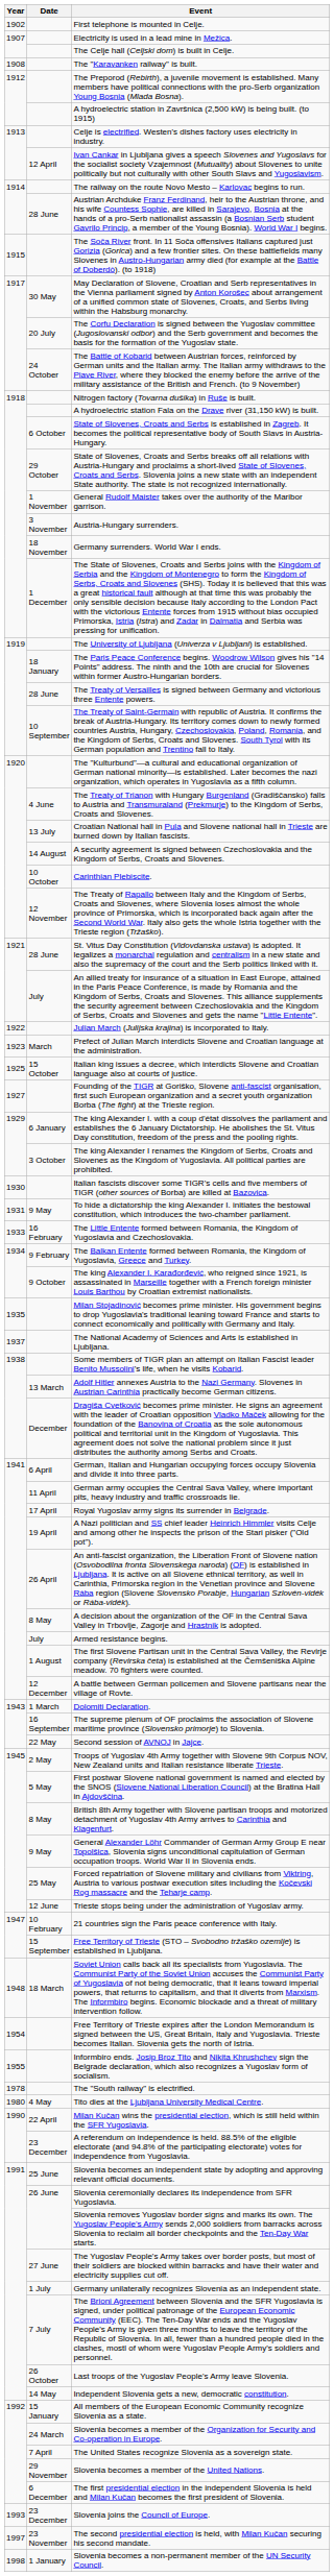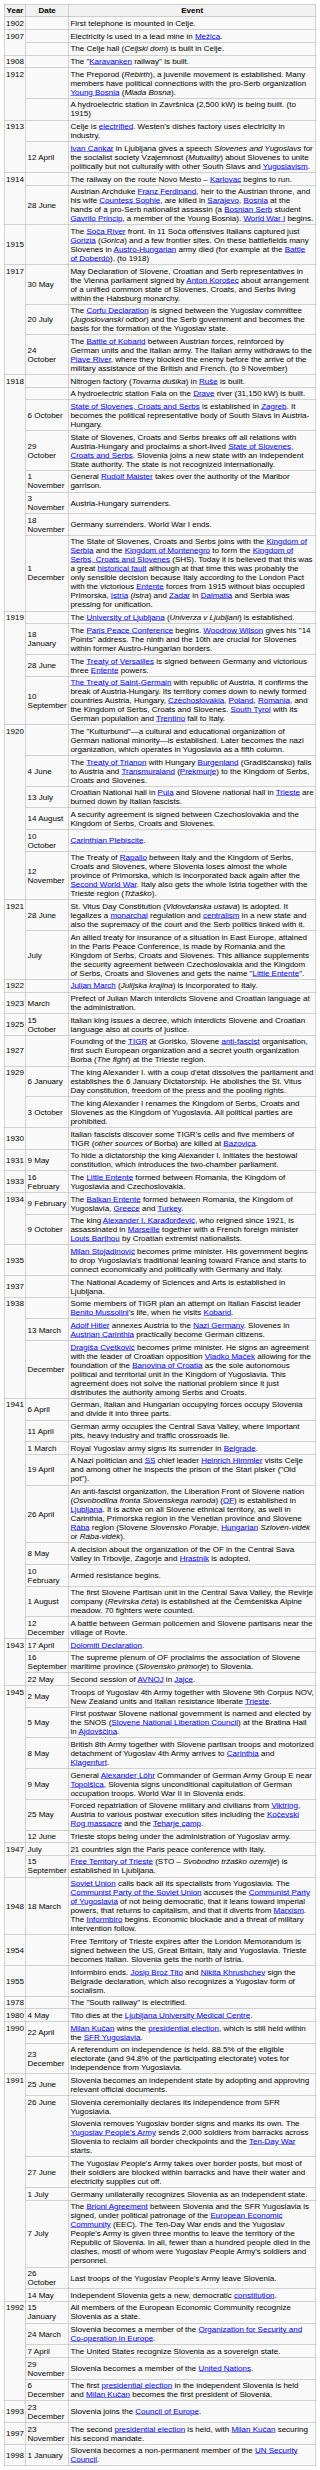 <table class="wikitable" width="100%">
 <tr>
 <th style="width:6%">Year</th>
 <th style="width:10%">Date</th>
 <th>Event</th>
 </tr>
 <tr>
 <td>1902</td>
 <td></td>
 <td>First telephone is mounted in Celje.</td>
 </tr>
 <tr>
 <td rowspan="2" valign="top">1907</td>
 <td></td>
 <td>Electricity is used in a lead mine in <a href='#'>Mežica</a>.</td>
 </tr>
 <tr>
 <td></td>
 <td>The Celje hall (<em>Celjski dom</em>) is built in Celje.</td>
 </tr>
 <tr>
 <td>1908</td>
 <td></td>
 <td>The "<a href='#'>Karavanken</a> railway" is built.</td>
 </tr>
 <tr>
 <td rowspan="2" valign="top">1912</td>
 <td></td>
 <td>The Preporod (<em>Rebirth</em>), a juvenile movement is established. Many members have political connections with the pro-Serb organization <a href='#'>Young Bosnia</a> (<em>Mlada Bosna</em>).</td>
 </tr>
 <tr>
 <td></td>
 <td>A hydroelectric station in Završnica (2,500 kW) is being built. (to 1915)</td>
 </tr>
 <tr>
 <td rowspan="2" valign="top">1913</td>
 <td></td>
 <td>Celje is <a href='#'>electrified</a>. Westen's dishes factory uses electricity in industry.</td>
 </tr>
 <tr>
 <td>12 April</td>
 <td><a href='#'>Ivan Cankar</a> in Ljubljana gives a speech <em>Slovenes and Yugoslavs</em> for the socialist society Vzajemnost (<em>Mutuality</em>) about Slovenes to unite politically but not culturally with other South Slavs and <a href='#'>Yugoslavism</a>.</td>
 </tr>
 <tr>
 <td rowspan="2" valign="top">1914</td>
 <td></td>
 <td>The railway on the route Novo Mesto – <a href='#'>Karlovac</a> begins to run.</td>
 </tr>
 <tr>
 <td>28 June</td>
 <td>Austrian Archduke <a href='#'>Franz Ferdinand</a>, heir to the Austrian throne, and his wife <a href='#'>Countess Sophie</a>, are killed in <a href='#'>Sarajevo</a>, <a href='#'>Bosnia</a> at the hands of a pro-Serb nationalist assassin (a <a href='#'>Bosnian Serb</a> student <a href='#'>Gavrilo Princip</a>, a member of the Young Bosnia). <a href='#'>World War I</a> begins.</td>
 </tr>
 <tr>
 <td>1915</td>
 <td></td>
 <td>The <a href='#'>Soča River</a> front. In 11 Soča offensives Italians captured just <a href='#'>Gorizia</a> (<em>Gorica</em>) and a few frontier sites. On these battlefields many Slovenes in <a href='#'>Austro-Hungarian</a> army died (for example at the <a href='#'>Battle of Doberdò</a>). (to 1918)</td>
 </tr>
 <tr>
 <td rowspan="3" valign="top">1917</td>
 <td>30 May</td>
 <td>May Declaration of Slovene, Croatian and Serb representatives in the Vienna parliament signed by <a href='#'>Anton Korošec</a> about arrangement of a unified common state of Slovenes, Croats, and Serbs living within the Habsburg monarchy.</td>
 </tr>
 <tr>
 <td>20 July</td>
 <td>The <a href='#'>Corfu Declaration</a> is signed between the Yugoslav committee (<em>Jugoslovanski odbor</em>) and the Serb government and becomes the basis for the formation of the Yugoslav state.</td>
 </tr>
 <tr>
 <td>24 October</td>
 <td>The <a href='#'>Battle of Kobarid</a> between Austrian forces, reinforced by German units and the Italian army. The Italian army withdraws to the <a href='#'>Piave River</a>, where they blocked the enemy before the arrive of the military assistance of the British and French. (to 9 November)</td>
 </tr>
 <tr>
 <td rowspan="8" valign="top">1918</td>
 <td></td>
 <td>Nitrogen factory (<em>Tovarna dušika</em>) in <a href='#'>Ruše</a> is built.</td>
 </tr>
 <tr>
 <td></td>
 <td>A hydroelectric station Fala on the <a href='#'>Drave</a> river (31,150 kW) is built.</td>
 </tr>
 <tr>
 <td>6 October</td>
 <td><a href='#'>State of Slovenes, Croats and Serbs</a> is established in <a href='#'>Zagreb</a>. It becomes the political representative body of South Slavs in Austria-Hungary.</td>
 </tr>
 <tr>
 <td>29 October</td>
 <td>State of Slovenes, Croats and Serbs breaks off all relations with Austria-Hungary and proclaims a short-lived <a href='#'>State of Slovenes, Croats and Serbs</a>. Slovenia joins a new state with an independent State authority. The state is not recognized internationally.</td>
 </tr>
 <tr>
 <td>1 November</td>
 <td>General <a href='#'>Rudolf Maister</a> takes over the authority of the Maribor garrison.</td>
 </tr>
 <tr>
 <td>3 November</td>
 <td>Austria-Hungary surrenders.</td>
 </tr>
 <tr>
 <td>18 November</td>
 <td>Germany surrenders. World War I ends.</td>
 </tr>
 <tr>
 <td>1 December</td>
 <td>The State of Slovenes, Croats and Serbs joins with the <a href='#'>Kingdom of Serbia</a> and the <a href='#'>Kingdom of Montenegro</a> to form the <a href='#'>Kingdom of Serbs, Croats and Slovenes</a> (SHS). Today it is believed that this was a great <a href='#'>historical fault</a> although at that time this was probably the only sensible decision because Italy according to the London Pact with the victorious <a href='#'>Entente</a> forces from 1915 without bias occupied Primorska, <a href='#'>Istria</a> (<em>Istra</em>) and <a href='#'>Zadar</a> in <a href='#'>Dalmatia</a> and Serbia was pressing for unification.</td>
 </tr>
 <tr>
 <td rowspan="4" valign="top">1919</td>
 <td></td>
 <td>The <a href='#'>University of Ljubljana</a> (<em>Univerza v Ljubljani</em>) is established.</td>
 </tr>
 <tr>
 <td>18 January</td>
 <td>The <a href='#'>Paris Peace Conference</a> begins. <a href='#'>Woodrow Wilson</a> gives his "14 Points" address. The ninth and the 10th are crucial for Slovenes within former Austro-Hungarian borders.</td>
 </tr>
 <tr>
 <td>28 June</td>
 <td>The <a href='#'>Treaty of Versailles</a> is signed between Germany and victorious three <a href='#'>Entente</a> powers.</td>
 </tr>
 <tr>
 <td>10 September</td>
 <td><a href='#'>The Treaty of Saint-Germain</a> with republic of Austria. It confirms the break of Austria-Hungary. Its territory comes down to newly formed countries Austria, Hungary, <a href='#'>Czechoslovakia</a>, <a href='#'>Poland</a>, <a href='#'>Romania</a>, and the Kingdom of Serbs, Croats and Slovenes. <a href='#'>South Tyrol</a> with its German population and <a href='#'>Trentino</a> fall to Italy.</td>
 </tr>
 <tr>
 <td rowspan="6" valign="top">1920</td>
 <td></td>
 <td>The "Kulturbund"—a cultural and educational organization of German national minority—is established. Later becomes the nazi organization, which operates in Yugoslavia as a fifth column.</td>
 </tr>
 <tr>
 <td>4 June</td>
 <td>The <a href='#'>Treaty of Trianon</a> with Hungary <a href='#'>Burgenland</a> (Gradiščansko) falls to Austria and <a href='#'>Transmuraland</a> (<a href='#'>Prekmurje</a>) to the Kingdom of Serbs, Croats and Slovenes.</td>
 </tr>
 <tr>
 <td>13 July</td>
 <td>Croatian National hall in <a href='#'>Pula</a> and Slovene national hall in <a href='#'>Trieste</a> are burned down by Italian fascists.</td>
 </tr>
 <tr>
 <td>14 August</td>
 <td>A security agreement is signed between Czechoslovakia and the Kingdom of Serbs, Croats and Slovenes.</td>
 </tr>
 <tr>
 <td>10 October</td>
 <td><a href='#'>Carinthian Plebiscite</a>.</td>
 </tr>
 <tr>
 <td>12 November</td>
 <td>The Treaty of <a href='#'>Rapallo</a> between Italy and the Kingdom of Serbs, Croats and Slovenes, where Slovenia loses almost the whole province of Primorska, which is incorporated back again after the <a href='#'>Second World War</a>. Italy also gets the whole Istria together with the Trieste region (<em>Tržaško</em>).</td>
 </tr>
 <tr>
 <td rowspan="2" valign="top">1921</td>
 <td>28 June</td>
 <td>St. Vitus Day Constitution (<em>Vidovdanska ustava</em>) is adopted. It legalizes a <a href='#'>monarchal</a> regulation and <a href='#'>centralism</a> in a new state and also the supremacy of the court and the Serb politics linked with it.</td>
 </tr>
 <tr>
 <td>July</td>
 <td>An allied treaty for insurance of a situation in East Europe, attained in the Paris Peace Conference, is made by Romania and the Kingdom of Serbs, Croats and Slovenes. This alliance supplements the security agreement between Czechoslovakia and the Kingdom of Serbs, Croats and Slovenes and gets the name "<a href='#'>Little Entente</a>".</td>
 </tr>
 <tr>
 <td>1922</td>
 <td></td>
 <td><a href='#'>Julian March</a> (<em>Julijska krajina</em>) is incorporated to Italy.</td>
 </tr>
 <tr>
 <td>1923</td>
 <td>March</td>
 <td>Prefect of Julian March interdicts Slovene and Croatian language at the administration.</td>
 </tr>
 <tr>
 <td>1925</td>
 <td>15 October</td>
 <td>Italian king issues a decree, which interdicts Slovene and Croatian language also at courts of justice.</td>
 </tr>
 <tr>
 <td>1927</td>
 <td></td>
 <td>Founding of the <a href='#'>TIGR</a> at Goriško, Slovene <a href='#'>anti-fascist</a> organisation, first such European organization and a secret youth organization Borba (<em>The fight</em>) at the Trieste region.</td>
 </tr>
 <tr>
 <td rowspan="2" valign="top">1929</td>
 <td>6 January</td>
 <td>The king Alexander I. with a coup d'état dissolves the parliament and establishes the 6 January Dictatorship. He abolishes the St. Vitus Day constitution, freedom of the press and the pooling rights.</td>
 </tr>
 <tr>
 <td>3 October</td>
 <td>The king Alexander I renames the Kingdom of Serbs, Croats and Slovenes as the Kingdom of Yugoslavia. All political parties are prohibited.</td>
 </tr>
 <tr>
 <td>1930</td>
 <td></td>
 <td>Italian fascists discover some TIGR's cells and five members of TIGR (<em>other sources of</em> Borba) are killed at <a href='#'>Bazovica</a>.</td>
 </tr>
 <tr>
 <td>1931</td>
 <td>9 May</td>
 <td>To hide a dictatorship the king Alexander I. initiates the bestowal constitution, which introduces the two-chamber parliament.</td>
 </tr>
 <tr>
 <td>1933</td>
 <td>16 February</td>
 <td>The <a href='#'>Little Entente</a> formed between Romania, the Kingdom of Yugoslavia and Czechoslovakia.</td>
 </tr>
 <tr>
 <td rowspan="2" valign="top">1934</td>
 <td>9 February</td>
 <td>The <a href='#'>Balkan Entente</a> formed between Romania, the Kingdom of Yugoslavia, <a href='#'>Greece</a> and <a href='#'>Turkey</a>.</td>
 </tr>
 <tr>
 <td>9 October</td>
 <td>The king <a href='#'>Alexander I. Karađorđević</a>, who reigned since 1921, is assassinated in <a href='#'>Marseille</a> together with a French foreign minister <a href='#'>Louis Barthou</a> by Croatian extremist nationalists.</td>
 </tr>
 <tr>
 <td>1935</td>
 <td></td>
 <td><a href='#'>Milan Stojadinović</a> becomes prime minister. His government begins to drop Yugoslavia's traditional leaning toward France and starts to connect economically and politically with Germany and Italy.</td>
 </tr>
 <tr>
 <td>1937</td>
 <td></td>
 <td>The National Academy of Sciences and Arts is established in Ljubljana.</td>
 </tr>
 <tr>
 <td rowspan="3" valign="top">1938</td>
 <td></td>
 <td>Some members of TIGR plan an attempt on Italian Fascist leader <a href='#'>Benito Mussolini</a>'s life, when he visits <a href='#'>Kobarid</a>.</td>
 </tr>
 <tr>
 <td>13 March</td>
 <td><a href='#'>Adolf Hitler</a> annexes Austria to the <a href='#'>Nazi Germany</a>. Slovenes in <a href='#'>Austrian Carinthia</a> practically become German citizens.</td>
 </tr>
 <tr>
 <td>December</td>
 <td><a href='#'>Dragiša Cvetković</a> becomes prime minister. He signs an agreement with the leader of Croatian opposition <a href='#'>Vladko Maček</a> allowing for the foundation of the <a href='#'>Banovina of Croatia</a> as the sole autonomous political and territorial unit in the Kingdom of Yugoslavia. This agreement does not solve the national problem since it just distributes the authority among Serbs and Croats.</td>
 </tr>
 <tr>
 <td rowspan="9" valign="top">1941</td>
 <td>6 April</td>
 <td>German, Italian and Hungarian occupying forces occupy Slovenia and divide it into three parts.</td>
 </tr>
 <tr>
 <td>11 April</td>
 <td>German army occupies the Central Sava Valley, where important pits, heavy industry and traffic crossroads lie.</td>
 </tr>
 <tr>
-<td>17 April</td>
+<td>1 March</td>
 <td>Royal Yugoslav army signs its surrender in <a href='#'>Belgrade</a>.</td>
 </tr>
 <tr>
 <td>19 April</td>
 <td>A Nazi politician and <a href='#'>SS</a> chief leader <a href='#'>Heinrich Himmler</a> visits Celje and among other he inspects the prison of the Stari pisker ("Old pot").</td>
 </tr>
 <tr>
 <td>26 April</td>
 <td>An anti-fascist organization, the Liberation Front of Slovene nation (<em>Osvobodilna fronta Slovenskega naroda</em>) (<a href='#'>OF</a>) is established in <a href='#'>Ljubljana</a>. It is active on all Slovene ethnical territory, as well in Carinthia, Primorska region in the Venetian province and Slovene <a href='#'>Rába</a> region (Slovene <em>Slovensko Porabje</em>, <a href='#'>Hungarian</a> <em>Szlovén-vidék</em> or <em>Rába-vidék</em>).</td>
 </tr>
 <tr>
 <td>8 May</td>
 <td>A decision about the organization of the OF in the Central Sava Valley in Trbovlje, Zagorje and <a href='#'>Hrastnik</a> is adopted.</td>
 </tr>
 <tr>
-<td>July</td>
+<td>10 February</td>
 <td>Armed resistance begins.</td>
 </tr>
 <tr>
 <td>1 August</td>
 <td>The first Slovene Partisan unit in the Central Sava Valley, the Revirje company (<em>Revirska četa</em>) is established at the Čemšeniška Alpine meadow. 70 fighters were counted.</td>
 </tr>
 <tr>
 <td>12 December</td>
 <td>A battle between German policemen and Slovene partisans near the village of Rovte.</td>
 </tr>
 <tr>
 <td rowspan="3" valign="top">1943</td>
-<td>1 March</td>
+<td>17 April</td>
 <td><a href='#'>Dolomiti Declaration</a>.</td>
 </tr>
 <tr>
 <td>16 September</td>
 <td>The supreme plenum of OF proclaims the association of Slovene maritime province (<em>Slovensko primorje</em>) to Slovenia.</td>
 </tr>
 <tr>
 <td>22 May</td>
 <td>Second session of <a href='#'>AVNOJ</a> in <a href='#'>Jajce</a>.</td>
 </tr>
 <tr>
 <td rowspan="6" valign="top">1945</td>
 <td>2 May</td>
 <td>Troops of Yugoslav 4th Army together with Slovene 9th Corpus NOV, New Zealand units and Italian resistance liberate <a href='#'>Trieste</a>.</td>
 </tr>
 <tr>
 <td>5 May</td>
 <td>First postwar Slovene national government is named and elected by the SNOS (<a href='#'>Slovene National Liberation Council</a>) at the Bratina Hall in <a href='#'>Ajdovščina</a>.</td>
 </tr>
 <tr>
 <td>8 May</td>
 <td>British 8th Army together with Slovene partisan troops and motorized detachment of Yugoslav 4th Army arrives to <a href='#'>Carinthia</a> and <a href='#'>Klagenfurt</a>.</td>
 </tr>
 <tr>
 <td>9 May</td>
 <td>General <a href='#'>Alexander Löhr</a> Commander of German Army Group E near <a href='#'>Topolšica</a>, Slovenia signs unconditional capitulation of German occupation troops. World War II in Slovenia ends.</td>
 </tr>
 <tr>
 <td>25 May</td>
 <td>Forced repatriation of Slovene military and civilians from <a href='#'>Viktring</a>, Austria to various postwar execution sites including the <a href='#'>Kočevski Rog massacre</a> and the <a href='#'>Teharje camp</a>.</td>
 </tr>
 <tr>
 <td>12 June</td>
 <td>Trieste stops being under the administration of Yugoslav army.</td>
 </tr>
 <tr>
 <td rowspan="2" valign="top">1947</td>
-<td>10 February</td>
+<td>July</td>
 <td>21 countries sign the Paris peace conference with Italy.</td>
 </tr>
 <tr>
 <td>15 September</td>
 <td><a href='#'>Free Territory of Trieste</a> (STO – <em>Svobodno tržaško ozemlje</em>) is established in Ljubljana.</td>
 </tr>
 <tr>
 <td>1948</td>
 <td>18 March</td>
 <td><a href='#'>Soviet Union</a> calls back all its specialists from Yugoslavia. The <a href='#'>Communist Party of the Soviet Union</a> accuses the <a href='#'>Communist Party of Yugoslavia</a> of not being democratic, that it leans toward imperial powers, that returns to capitalism, and that it diverts from <a href='#'>Marxism</a>. The <a href='#'>Informbiro</a> begins. Economic blockade and a threat of military intervention follow.</td>
 </tr>
 <tr>
 <td>1954</td>
 <td></td>
 <td>Free Territory of Trieste expires after the London Memorandum is signed between the US, Great Britain, Italy and Yugoslavia. Trieste becomes Italian. Slovenia gets the north of Istria.</td>
 </tr>
 <tr>
 <td>1955</td>
 <td></td>
 <td>Informbiro ends. <a href='#'>Josip Broz Tito</a> and <a href='#'>Nikita Khrushchev</a> sign the Belgrade declaration, which also recognizes a Yugoslav form of socialism.</td>
 </tr>
 <tr>
 <td>1978</td>
 <td></td>
 <td>The "South railway" is electrified.</td>
 </tr>
 <tr>
 <td>1980</td>
 <td>4 May</td>
 <td>Tito dies at the <a href='#'>Ljubljana University Medical Centre</a>.</td>
 </tr>
 <tr>
 <td rowspan="2" valign="top">1990</td>
 <td>22 April</td>
 <td><a href='#'>Milan Kučan</a> wins the <a href='#'>presidential election</a>, which is still held within the <a href='#'>SFR Yugoslavia</a>.</td>
 </tr>
 <tr>
 <td>23 December</td>
 <td>A referendum on independence is held. 88.5% of the eligible electorate (and 94.8% of the participating electorate) votes for independence from Yugoslavia.</td>
 </tr>
 <tr>
 <td rowspan="8" valign="top">1991</td>
 <td>25 June</td>
 <td>Slovenia becomes an independent state by adopting and approving relevant official documents.</td>
 </tr>
 <tr>
 <td rowspan="2" valign="top">26 June</td>
 <td>Slovenia ceremonially declares its independence from SFR Yugoslavia.</td>
 </tr>
 <tr>
 <td>Slovenia removes Yugoslav border signs and marks its own. The <a href='#'>Yugoslav People's Army</a> sends 2,000 soldiers from barracks across Slovenia to reclaim all border checkpoints and the <a href='#'>Ten-Day War</a> starts.</td>
 </tr>
 <tr>
 <td>27 June</td>
 <td>The Yugoslav People's Army takes over border posts, but most of their soldiers are blocked within barracks and have their water and electricity supplies cut off.</td>
 </tr>
 <tr>
 <td>1 July</td>
 <td>Germany unilaterally recognizes Slovenia as an independent state.</td>
 </tr>
 <tr>
 <td>7 July</td>
 <td>The <a href='#'>Brioni Agreement</a> between Slovenia and the SFR Yugoslavia is signed, under political patronage of the <a href='#'>European Economic Community</a> (EEC). The Ten-Day War ends and the Yugoslav People's Army is given three months to leave the territory of the Republic of Slovenia. In all, fewer than a hundred people died in the clashes, mostl of whom were Yugoslav People Army's soldiers and personnel.</td>
 </tr>
 <tr>
 <td>26 October</td>
 <td>Last troops of the Yugoslav People's Army leave Slovenia.</td>
 </tr>
 <tr>
 <td>14 May</td>
 <td>Independent Slovenia gets a new, democratic <a href='#'>constitution</a>.</td>
 </tr>
 <tr>
 <td rowspan="5" valign="top">1992</td>
 <td>15 January</td>
 <td>All members of the European Economic Community recognize Slovenia as a state.</td>
 </tr>
 <tr>
 <td>24 March</td>
 <td>Slovenia becomes a member of the <a href='#'>Organization for Security and Co-operation in Europe</a>.</td>
 </tr>
 <tr>
 <td>7 April</td>
 <td>The United States recognize Slovenia as a sovereign state.</td>
 </tr>
 <tr>
 <td>29 November</td>
 <td>Slovenia becomes a member of the <a href='#'>United Nations</a>.</td>
 </tr>
 <tr>
 <td>6 December</td>
 <td>The first <a href='#'>presidential election</a> in the independent Slovenia is held and <a href='#'>Milan Kučan</a> becomes the first president of Slovenia.</td>
 </tr>
 <tr>
 <td>1993</td>
 <td>23 December</td>
 <td>Slovenia joins the <a href='#'>Council of Europe</a>.</td>
 </tr>
 <tr>
 <td>1997</td>
 <td>23 November</td>
 <td>The second <a href='#'>presidential election</a> is held, with <a href='#'>Milan Kučan</a> securing his second mandate.</td>
 </tr>
 <tr>
 <td>1998</td>
 <td>1 January</td>
 <td>Slovenia becomes a non-permanent member of the <a href='#'>UN Security Council</a>.</td>
 </tr>
 </table>
